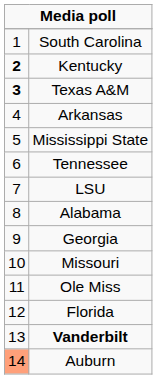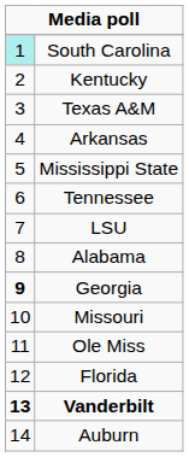 <table class="wikitable">
 <tr align="center">
 <td align="center" Colspan="3"><strong>Media poll</strong></td>
 </tr>
 <tr align="center">
 </tr>
 <tr align="center">
-<td>1</td>
+<td style="background: paleturquoise;">1</td>
 <td>South Carolina</td>
 </tr>
 <tr align="center">
-<td><strong>2</strong></td>
+<td>2</td>
 <td>Kentucky</td>
 </tr>
 <tr align="center">
-<td><strong>3</strong></td>
+<td>3</td>
 <td>Texas A&M</td>
 </tr>
 <tr align="center">
 <td>4</td>
 <td>Arkansas</td>
 </tr>
 <tr align="center">
 <td>5</td>
 <td>Mississippi State</td>
 </tr>
 <tr align="center">
 <td>6</td>
 <td>Tennessee</td>
 </tr>
 <tr align="center">
 <td>7</td>
 <td>LSU</td>
 </tr>
 <tr align="center">
 <td>8</td>
 <td>Alabama</td>
 </tr>
 <tr align="center">
-<td>9</td>
+<td><strong>9</strong></td>
 <td>Georgia</td>
 </tr>
 <tr align="center">
 <td>10</td>
 <td>Missouri</td>
 </tr>
 <tr align="center">
 <td>11</td>
 <td>Ole Miss</td>
 </tr>
 <tr align="center">
 <td>12</td>
 <td>Florida</td>
 </tr>
 <tr align="center">
-<td>13</td>
+<td><strong>13</strong></td>
 <td><strong>Vanderbilt</strong></td>
 </tr>
 <tr align="center">
-<td style="background: lightsalmon;">14</td>
+<td>14</td>
 <td>Auburn</td>
 </tr>
 </table>
